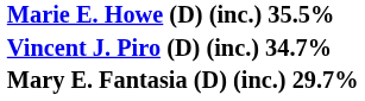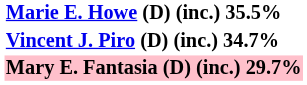 <table>
 <tr>
 <td><strong><a href='#'>Marie E. Howe</a> (D) (inc.) 35.5%</strong></td>
 </tr>
 <tr>
 <td><strong><a href='#'>Vincent J. Piro</a> (D) (inc.) 34.7%</strong></td>
 </tr>
 <tr>
-<td><strong>Mary E. Fantasia (D) (inc.) 29.7%</strong></td>
+<td style="background: pink;"><strong>Mary E. Fantasia (D) (inc.) 29.7%</strong></td>
 </tr>
 </table>
